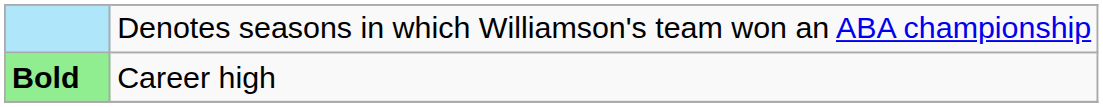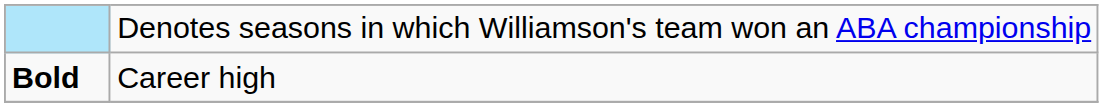 <table class ="wikitable">
 <tr>
 <td style="background:#afe6fa; width:3em;"></td>
 <td>Denotes seasons in which Williamson's team won an <a href='#'>ABA championship</a></td>
 </tr>
 <tr>
-<td style="background: lightgreen;"><strong>Bold</strong></td>
+<td><strong>Bold</strong></td>
 <td>Career high</td>
 </tr>
 <tr>
 </tr>
 </table>
